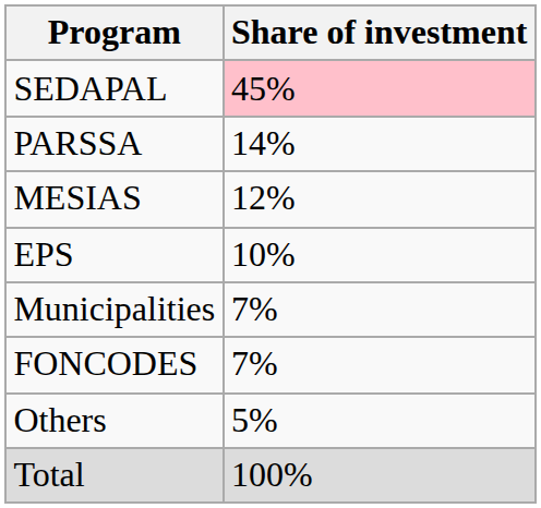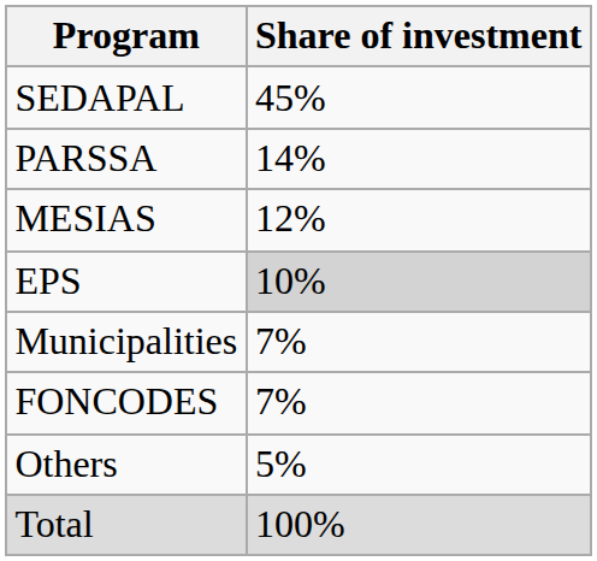 <table class="wikitable">
 <tr>
 <th>Program</th>
 <th>Share of investment</th>
 </tr>
 <tr>
 <td>SEDAPAL</td>
-<td style="background: pink;">45%</td>
+<td>45%</td>
 </tr>
 <tr>
 <td>PARSSA</td>
 <td>14%</td>
 </tr>
 <tr>
 <td>MESIAS</td>
 <td>12%</td>
 </tr>
 <tr>
 <td>EPS</td>
-<td>10%</td>
+<td style="background: lightgrey;">10%</td>
 </tr>
 <tr>
 <td>Municipalities</td>
 <td>7%</td>
 </tr>
 <tr>
 <td>FONCODES</td>
 <td>7%</td>
 </tr>
 <tr>
 <td>Others</td>
 <td>5%</td>
 </tr>
 <tr style="background-color:#DCDCDC">
 <td>Total</td>
 <td>100%</td>
 </tr>
 </table>
